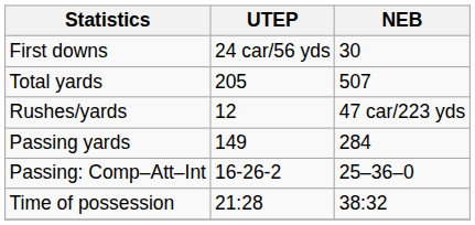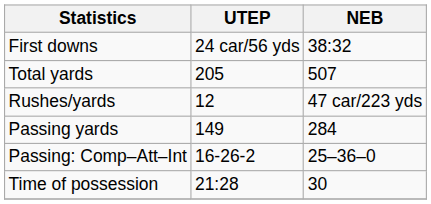 <table class="wikitable" style="float: left;">
 <tr>
 <th>Statistics</th>
 <th>UTEP</th>
 <th>NEB</th>
 </tr>
 <tr>
 <td>First downs</td>
 <td>24 car/56 yds</td>
-<td>30</td>
+<td>38:32</td>
 </tr>
 <tr>
 <td>Total yards</td>
 <td>205</td>
 <td>507</td>
 </tr>
 <tr>
 <td>Rushes/yards</td>
 <td>12</td>
 <td>47 car/223 yds</td>
 </tr>
 <tr>
 <td>Passing yards</td>
 <td>149</td>
 <td>284</td>
 </tr>
 <tr>
 <td>Passing: Comp–Att–Int</td>
 <td>16-26-2</td>
 <td>25–36–0</td>
 </tr>
 <tr>
 <td>Time of possession</td>
 <td>21:28</td>
-<td>38:32</td>
+<td>30</td>
 </tr>
 <tr>
 </tr>
 </table>
